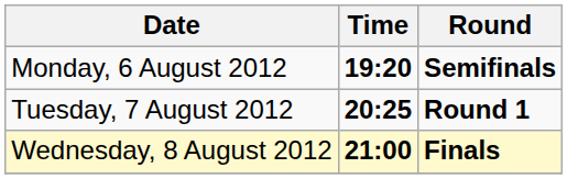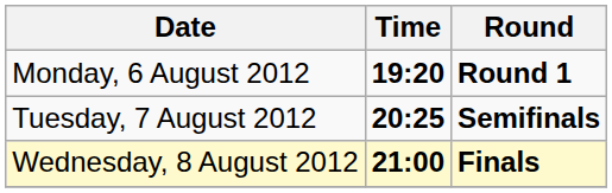 <table class="wikitable">
 <tr>
 <th>Date</th>
 <th>Time</th>
 <th>Round</th>
 </tr>
 <tr>
 <td>Monday, 6 August 2012</td>
 <td><strong>19:20</strong></td>
-<td><strong>Semifinals</strong></td>
+<td><strong>Round 1</strong></td>
 </tr>
 <tr>
 <td>Tuesday, 7 August 2012</td>
 <td><strong>20:25</strong></td>
-<td><strong>Round 1</strong></td>
+<td><strong>Semifinals</strong></td>
 </tr>
 <tr>
 <td style=background:lemonchiffon>Wednesday, 8 August 2012</td>
 <td style=background:lemonchiffon><strong>21:00</strong></td>
 <td style=background:lemonchiffon><strong>Finals</strong></td>
 </tr>
 <tr>
 </tr>
 </table>
